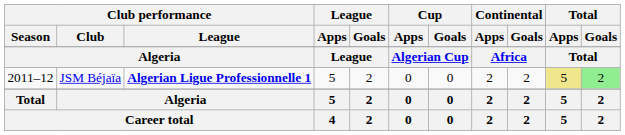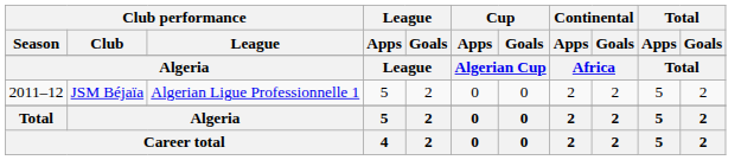 <table class="wikitable" style="text-align:center">
 <tr>
 <th colspan=3>Club performance</th>
 <th colspan=2>League</th>
 <th colspan=2>Cup</th>
 <th colspan=2>Continental</th>
 <th colspan=2>Total</th>
 </tr>
 <tr>
 <th>Season</th>
 <th>Club</th>
 <th>League</th>
 <th>Apps</th>
 <th>Goals</th>
 <th>Apps</th>
 <th>Goals</th>
 <th>Apps</th>
 <th>Goals</th>
 <th>Apps</th>
 <th>Goals</th>
 </tr>
 <tr>
 </tr>
 <tr>
 <th colspan=3>Algeria</th>
 <th colspan=2>League</th>
 <th colspan=2><a href='#'>Algerian Cup</a></th>
 <th colspan=2><a href='#'>Africa</a></th>
 <th colspan=2>Total</th>
 </tr>
 <tr>
 <td>2011–12</td>
 <td rowspan="1"><a href='#'>JSM Béjaïa</a></td>
-<td rowspan="1"><strong><a href='#'>Algerian Ligue Professionnelle 1</a></strong></td>
+<td rowspan="1"><a href='#'>Algerian Ligue Professionnelle 1</a></td>
 <td>5</td>
 <td>2</td>
 <td>0</td>
 <td>0</td>
 <td>2</td>
 <td>2</td>
-<td style="background: khaki;">5</td>
-<td style="background: lightgreen;">2</td>
+<td>5</td>
+<td>2</td>
 </tr>
 <tr>
 </tr>
 <tr>
 <th rowspan=1>Total</th>
 <th colspan=2>Algeria</th>
 <th>5</th>
 <th>2</th>
 <th>0</th>
 <th>0</th>
 <th>2</th>
 <th>2</th>
 <th>5</th>
 <th>2</th>
 </tr>
 <tr>
 <th colspan=3>Career total</th>
 <th>4</th>
 <th>2</th>
 <th>0</th>
 <th>0</th>
 <th>2</th>
 <th>2</th>
 <th>5</th>
 <th>2</th>
 </tr>
 </table>
